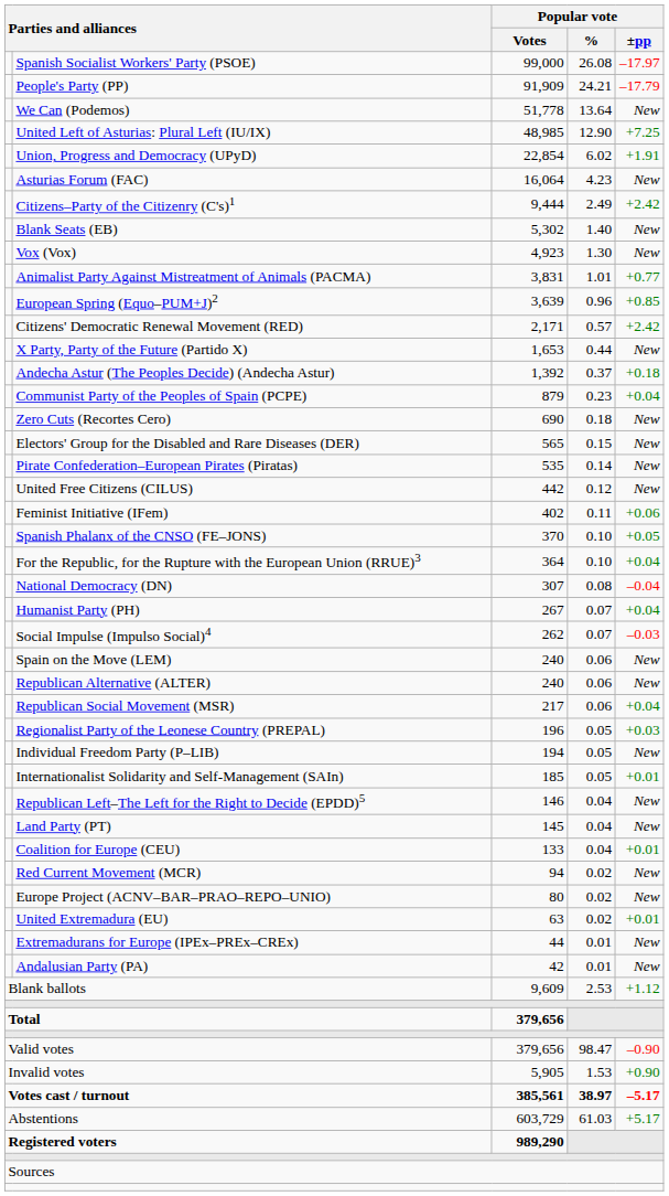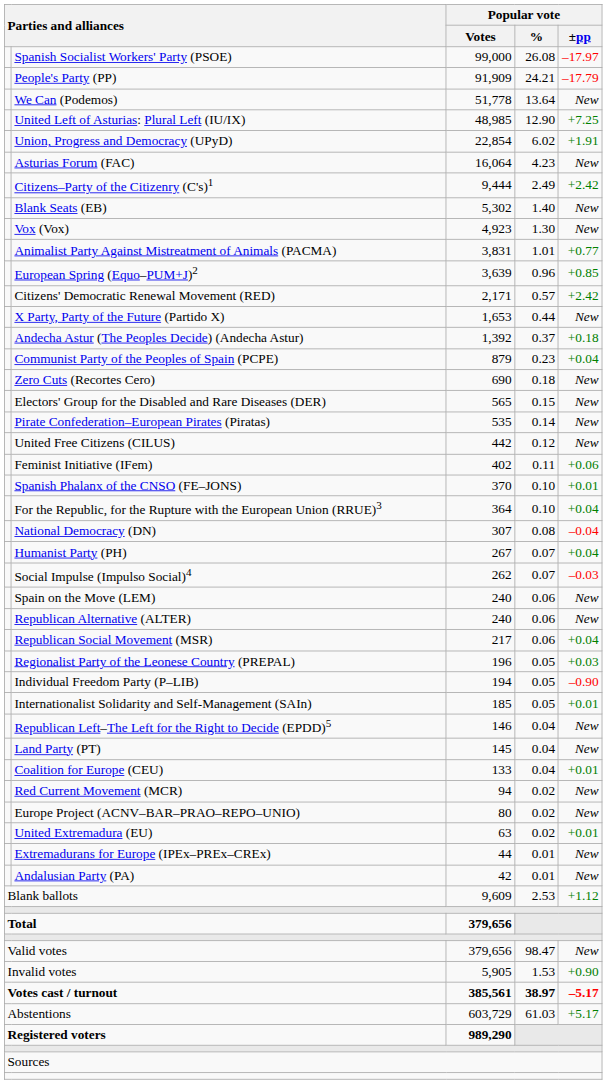 <table class="wikitable" style="text-align:right">
 <tr>
 <th style="text-align:left;" rowspan="2" colspan="2" width="525">Parties and alliances</th>
 <th colspan="3">Popular vote</th>
 </tr>
 <tr>
 <th width="75">Votes</th>
 <th width="45">%</th>
 <th width="45">±<a href='#'>pp</a></th>
 </tr>
 <tr>
 <td width="1" style="color:inherit;background:"></td>
 <td align="left"><a href='#'>Spanish Socialist Workers' Party</a> (PSOE)</td>
 <td>99,000</td>
 <td>26.08</td>
 <td style="color:red;">–17.97</td>
 </tr>
 <tr>
 <td style="color:inherit;background:"></td>
 <td align="left"><a href='#'>People's Party</a> (PP)</td>
 <td>91,909</td>
 <td>24.21</td>
 <td style="color:red;">–17.79</td>
 </tr>
 <tr>
 <td style="color:inherit;background:"></td>
 <td align="left"><a href='#'>We Can</a> (Podemos)</td>
 <td>51,778</td>
 <td>13.64</td>
 <td><em>New</em></td>
 </tr>
 <tr>
 <td style="color:inherit;background:"></td>
 <td align="left"><a href='#'>United Left of Asturias</a>: <a href='#'>Plural Left</a> (IU/IX)</td>
 <td>48,985</td>
 <td>12.90</td>
 <td style="color:green;">+7.25</td>
 </tr>
 <tr>
 <td style="color:inherit;background:"></td>
 <td align="left"><a href='#'>Union, Progress and Democracy</a> (UPyD)</td>
 <td>22,854</td>
 <td>6.02</td>
 <td style="color:green;">+1.91</td>
 </tr>
 <tr>
 <td style="color:inherit;background:"></td>
 <td align="left"><a href='#'>Asturias Forum</a> (FAC)</td>
 <td>16,064</td>
 <td>4.23</td>
 <td><em>New</em></td>
 </tr>
 <tr>
 <td style="color:inherit;background:"></td>
 <td align="left"><a href='#'>Citizens–Party of the Citizenry</a> (C's)<sup>1</sup></td>
 <td>9,444</td>
 <td>2.49</td>
 <td style="color:green;">+2.42</td>
 </tr>
 <tr>
 <td style="color:inherit;background:"></td>
 <td align="left"><a href='#'>Blank Seats</a> (EB)</td>
 <td>5,302</td>
 <td>1.40</td>
 <td><em>New</em></td>
 </tr>
 <tr>
 <td style="color:inherit;background:"></td>
 <td align="left"><a href='#'>Vox</a> (Vox)</td>
 <td>4,923</td>
 <td>1.30</td>
 <td><em>New</em></td>
 </tr>
 <tr>
 <td style="color:inherit;background:"></td>
 <td align="left"><a href='#'>Animalist Party Against Mistreatment of Animals</a> (PACMA)</td>
 <td>3,831</td>
 <td>1.01</td>
 <td style="color:green;">+0.77</td>
 </tr>
 <tr>
 <td style="color:inherit;background:"></td>
 <td align="left"><a href='#'>European Spring</a> (<a href='#'>Equo</a>–<a href='#'>PUM+J</a>)<sup>2</sup></td>
 <td>3,639</td>
 <td>0.96</td>
 <td style="color:green;">+0.85</td>
 </tr>
 <tr>
 <td style="color:inherit;background:"></td>
 <td align="left">Citizens' Democratic Renewal Movement (RED)</td>
 <td>2,171</td>
 <td>0.57</td>
 <td style="color:green;">+2.42</td>
 </tr>
 <tr>
 <td style="color:inherit;background:"></td>
 <td align="left"><a href='#'>X Party, Party of the Future</a> (Partido X)</td>
 <td>1,653</td>
 <td>0.44</td>
 <td><em>New</em></td>
 </tr>
 <tr>
 <td style="color:inherit;background:"></td>
 <td align="left"><a href='#'>Andecha Astur</a> (<a href='#'>The Peoples Decide</a>) (Andecha Astur)</td>
 <td>1,392</td>
 <td>0.37</td>
 <td style="color:green;">+0.18</td>
 </tr>
 <tr>
 <td style="color:inherit;background:"></td>
 <td align="left"><a href='#'>Communist Party of the Peoples of Spain</a> (PCPE)</td>
 <td>879</td>
 <td>0.23</td>
 <td style="color:green;">+0.04</td>
 </tr>
 <tr>
 <td style="color:inherit;background:"></td>
 <td align="left"><a href='#'>Zero Cuts</a> (Recortes Cero)</td>
 <td>690</td>
 <td>0.18</td>
 <td><em>New</em></td>
 </tr>
 <tr>
 <td style="color:inherit;background:"></td>
 <td align="left">Electors' Group for the Disabled and Rare Diseases (DER)</td>
 <td>565</td>
 <td>0.15</td>
 <td><em>New</em></td>
 </tr>
 <tr>
 <td style="color:inherit;background:"></td>
 <td align="left"><a href='#'>Pirate Confederation–European Pirates</a> (Piratas)</td>
 <td>535</td>
 <td>0.14</td>
 <td><em>New</em></td>
 </tr>
 <tr>
 <td style="color:inherit;background:"></td>
 <td align="left">United Free Citizens (CILUS)</td>
 <td>442</td>
 <td>0.12</td>
 <td><em>New</em></td>
 </tr>
 <tr>
 <td style="color:inherit;background:"></td>
 <td align="left">Feminist Initiative (IFem)</td>
 <td>402</td>
 <td>0.11</td>
 <td style="color:green;">+0.06</td>
 </tr>
 <tr>
 <td style="color:inherit;background:"></td>
 <td align="left"><a href='#'>Spanish Phalanx of the CNSO</a> (FE–JONS)</td>
 <td>370</td>
 <td>0.10</td>
-<td style="color:green;">+0.05</td>
+<td style="color:green;">+0.01</td>
 </tr>
 <tr>
 <td style="color:inherit;background:"></td>
 <td align="left">For the Republic, for the Rupture with the European Union (RRUE)<sup>3</sup></td>
 <td>364</td>
 <td>0.10</td>
 <td style="color:green;">+0.04</td>
 </tr>
 <tr>
 <td style="color:inherit;background:"></td>
 <td align="left"><a href='#'>National Democracy</a> (DN)</td>
 <td>307</td>
 <td>0.08</td>
 <td style="color:red;">–0.04</td>
 </tr>
 <tr>
 <td style="color:inherit;background:"></td>
 <td align="left"><a href='#'>Humanist Party</a> (PH)</td>
 <td>267</td>
 <td>0.07</td>
 <td style="color:green;">+0.04</td>
 </tr>
 <tr>
 <td style="color:inherit;background:"></td>
 <td align="left">Social Impulse (Impulso Social)<sup>4</sup></td>
 <td>262</td>
 <td>0.07</td>
 <td style="color:red;">–0.03</td>
 </tr>
 <tr>
 <td style="color:inherit;background:"></td>
 <td align="left">Spain on the Move (LEM)</td>
 <td>240</td>
 <td>0.06</td>
 <td><em>New</em></td>
 </tr>
 <tr>
 <td style="color:inherit;background:"></td>
 <td align="left"><a href='#'>Republican Alternative</a> (ALTER)</td>
 <td>240</td>
 <td>0.06</td>
 <td><em>New</em></td>
 </tr>
 <tr>
 <td style="color:inherit;background:"></td>
 <td align="left"><a href='#'>Republican Social Movement</a> (MSR)</td>
 <td>217</td>
 <td>0.06</td>
 <td style="color:green;">+0.04</td>
 </tr>
 <tr>
 <td style="color:inherit;background:"></td>
 <td align="left"><a href='#'>Regionalist Party of the Leonese Country</a> (PREPAL)</td>
 <td>196</td>
 <td>0.05</td>
 <td style="color:green;">+0.03</td>
 </tr>
 <tr>
 <td style="color:inherit;background:"></td>
 <td align="left">Individual Freedom Party (P–LIB)</td>
 <td>194</td>
 <td>0.05</td>
-<td><em>New</em></td>
+<td style="color:red;">–0.90</td>
 </tr>
 <tr>
 <td style="color:inherit;background:"></td>
 <td align="left">Internationalist Solidarity and Self-Management (SAIn)</td>
 <td>185</td>
 <td>0.05</td>
 <td style="color:green;">+0.01</td>
 </tr>
 <tr>
 <td style="color:inherit;background:"></td>
 <td align="left"><a href='#'>Republican Left</a>–<a href='#'>The Left for the Right to Decide</a> (EPDD)<sup>5</sup></td>
 <td>146</td>
 <td>0.04</td>
 <td><em>New</em></td>
 </tr>
 <tr>
 <td style="color:inherit;background:"></td>
 <td align="left"><a href='#'>Land Party</a> (PT)</td>
 <td>145</td>
 <td>0.04</td>
 <td><em>New</em></td>
 </tr>
 <tr>
 <td style="color:inherit;background:"></td>
 <td align="left"><a href='#'>Coalition for Europe</a> (CEU)</td>
 <td>133</td>
 <td>0.04</td>
 <td style="color:green;">+0.01</td>
 </tr>
 <tr>
 <td style="color:inherit;background:"></td>
 <td align="left"><a href='#'>Red Current Movement</a> (MCR)</td>
 <td>94</td>
 <td>0.02</td>
 <td><em>New</em></td>
 </tr>
 <tr>
 <td style="color:inherit;background:"></td>
 <td align="left">Europe Project (ACNV–BAR–PRAO–REPO–UNIO)</td>
 <td>80</td>
 <td>0.02</td>
 <td><em>New</em></td>
 </tr>
 <tr>
 <td style="color:inherit;background:"></td>
 <td align="left"><a href='#'>United Extremadura</a> (EU)</td>
 <td>63</td>
 <td>0.02</td>
 <td style="color:green;">+0.01</td>
 </tr>
 <tr>
 <td style="color:inherit;background:"></td>
 <td align="left"><a href='#'>Extremadurans for Europe</a> (IPEx–PREx–CREx)</td>
 <td>44</td>
 <td>0.01</td>
 <td><em>New</em></td>
 </tr>
 <tr>
 <td style="color:inherit;background:"></td>
 <td align="left"><a href='#'>Andalusian Party</a> (PA)</td>
 <td>42</td>
 <td>0.01</td>
 <td><em>New</em></td>
 </tr>
 <tr>
 <td align="left" colspan="2">Blank ballots</td>
 <td>9,609</td>
 <td>2.53</td>
 <td style="color:green;">+1.12</td>
 </tr>
 <tr>
 <td colspan="5" bgcolor="#E9E9E9"></td>
 </tr>
 <tr style="font-weight:bold;">
 <td align="left" colspan="2">Total</td>
 <td>379,656</td>
 <td bgcolor="#E9E9E9" colspan="2"></td>
 </tr>
 <tr>
 <td colspan="5" bgcolor="#E9E9E9"></td>
 </tr>
 <tr>
 <td align="left" colspan="2">Valid votes</td>
 <td>379,656</td>
 <td>98.47</td>
-<td style="color:red;">–0.90</td>
+<td><em>New</em></td>
 </tr>
 <tr>
 <td align="left" colspan="2">Invalid votes</td>
 <td>5,905</td>
 <td>1.53</td>
 <td style="color:green;">+0.90</td>
 </tr>
 <tr style="font-weight:bold;">
 <td align="left" colspan="2">Votes cast / turnout</td>
 <td>385,561</td>
 <td>38.97</td>
 <td style="color:red;">–5.17</td>
 </tr>
 <tr>
 <td align="left" colspan="2">Abstentions</td>
 <td>603,729</td>
 <td>61.03</td>
 <td style="color:green;">+5.17</td>
 </tr>
 <tr style="font-weight:bold;">
 <td align="left" colspan="2">Registered voters</td>
 <td>989,290</td>
 <td bgcolor="#E9E9E9" colspan="2"></td>
 </tr>
 <tr>
 <td colspan="5" bgcolor="#E9E9E9"></td>
 </tr>
 <tr>
 <td align="left" colspan="5">Sources</td>
 </tr>
 <tr>
 <td colspan="5" style="text-align:left; max-width:680px;"></td>
 </tr>
 </table>
